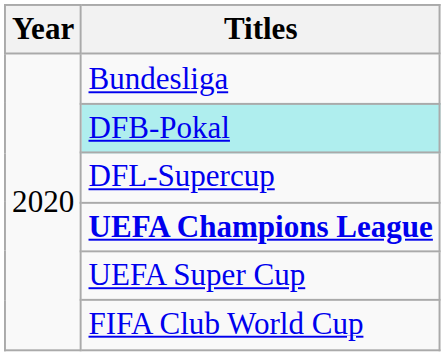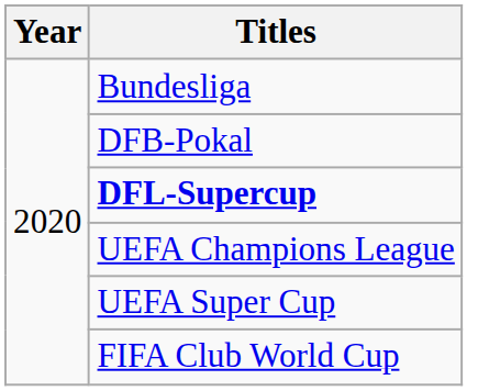 <table class="wikitable">
 <tr>
 <th>Year</th>
 <th>Titles</th>
 </tr>
 <tr>
 <td rowspan="6">2020</td>
 <td><a href='#'>Bundesliga</a></td>
 </tr>
 <tr>
-<td style="background: paleturquoise;"><a href='#'>DFB-Pokal</a></td>
+<td><a href='#'>DFB-Pokal</a></td>
 </tr>
 <tr>
-<td><a href='#'>DFL-Supercup</a></td>
+<td><strong><a href='#'>DFL-Supercup</a></strong></td>
 </tr>
 <tr>
-<td><strong><a href='#'>UEFA Champions League</a></strong></td>
+<td><a href='#'>UEFA Champions League</a></td>
 </tr>
 <tr>
 <td><a href='#'>UEFA Super Cup</a></td>
 </tr>
 <tr>
 <td><a href='#'>FIFA Club World Cup</a></td>
 </tr>
 </table>
